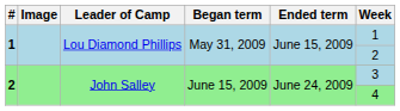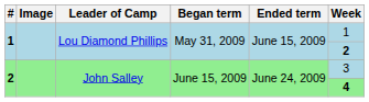 <table class="wikitable" style="text-align:center">
 <tr style="background:#cccccc">
 <th>#</th>
 <th>Image</th>
 <th>Leader of Camp</th>
 <th>Began term</th>
 <th>Ended term</th>
 <th>Week</th>
 </tr>
 <tr style="background-color:lightblue">
 <td rowspan=2><strong>1</strong></td>
 <td rowspan=2></td>
 <td rowspan=2><a href='#'>Lou Diamond Phillips</a></td>
 <td rowspan=2>May 31, 2009</td>
 <td rowspan=2>June 15, 2009</td>
 <td>1</td>
 </tr>
 <tr>
-<td style="background-color:lightblue">2</td>
+<td style="background-color:lightblue"><strong>2</strong></td>
 </tr>
 <tr style="background-color:lightgreen">
 <td rowspan=2><strong>2</strong></td>
 <td rowspan=2></td>
 <td rowspan=2><a href='#'>John Salley</a></td>
 <td rowspan=2>June 15, 2009</td>
 <td rowspan=2>June 24, 2009</td>
 <td style="background-color:lightblue">3 </td>
 </tr>
 <tr>
-<td style="background-color:lightgreen">4</td>
+<td style="background-color:lightgreen"><strong>4</strong></td>
 </tr>
 </table>
